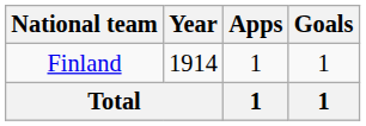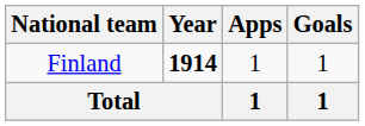 <table class=wikitable style=text-align:center>
 <tr>
 <th>National team</th>
 <th>Year</th>
 <th>Apps</th>
 <th>Goals</th>
 </tr>
 <tr>
 <td rowspan="1"><a href='#'>Finland</a></td>
-<td>1914</td>
+<td><strong>1914</strong></td>
 <td>1</td>
 <td>1</td>
 </tr>
 <tr>
 <th colspan="2">Total</th>
 <th>1</th>
 <th>1</th>
 </tr>
 </table>
